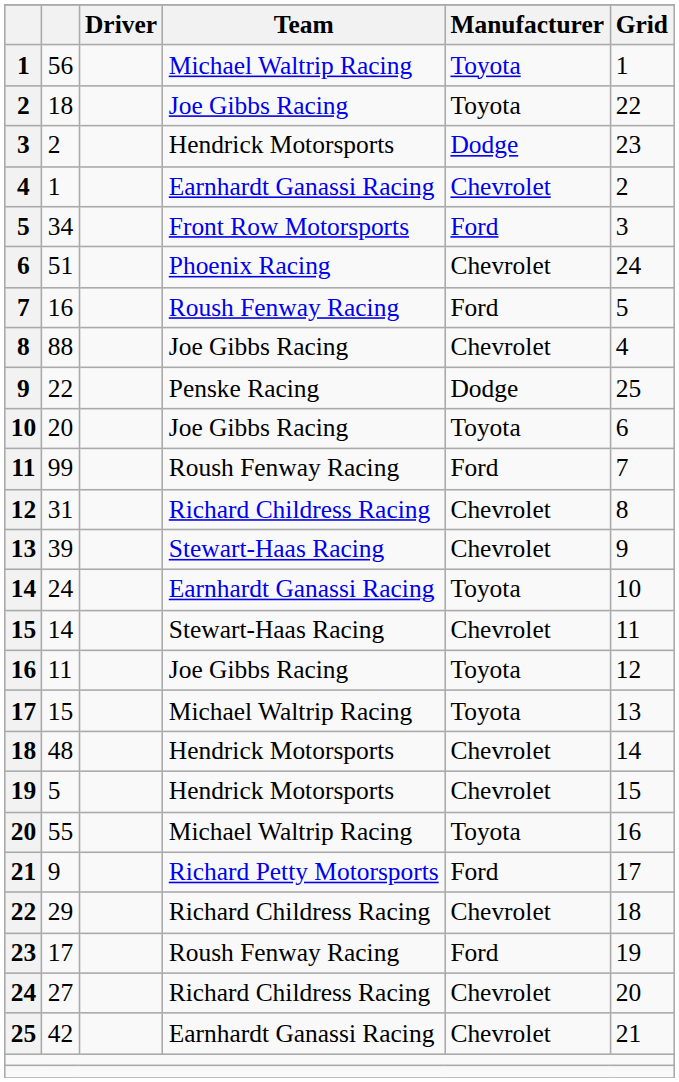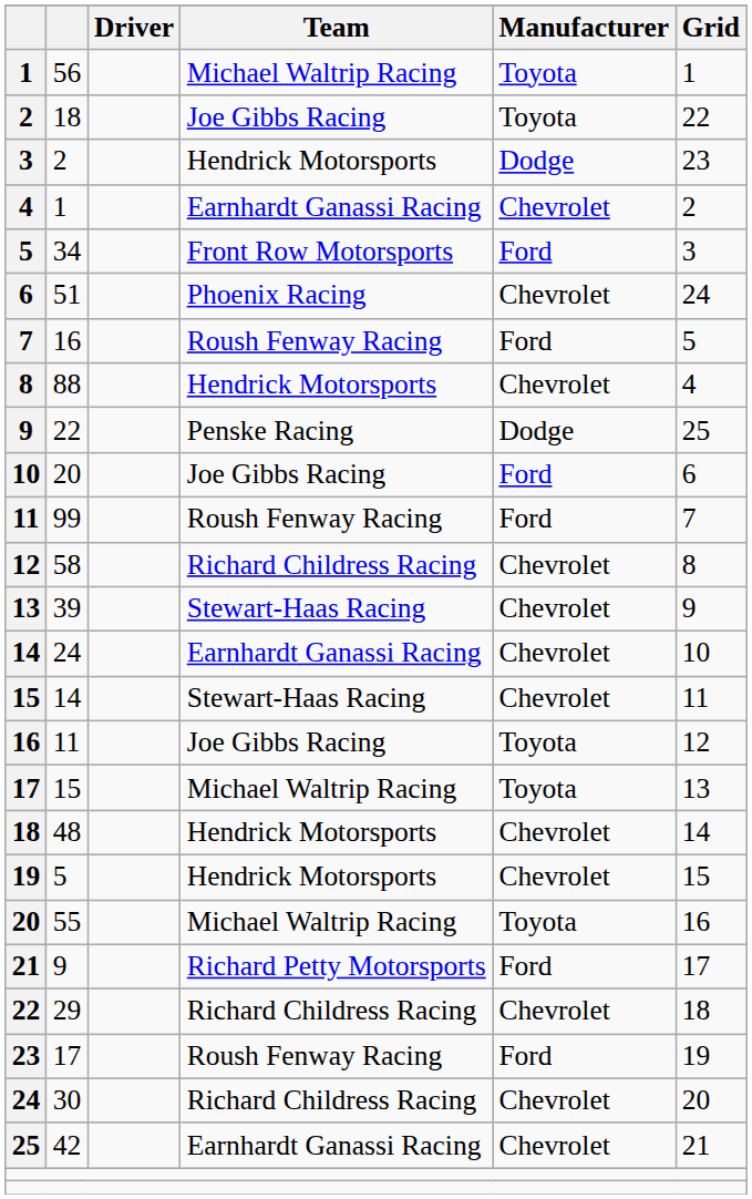 <table class="wikitable sortable">
 <tr>
 </tr>
 <tr>
 <th scope="col"></th>
 <th scope="col"></th>
 <th scope="col">Driver</th>
 <th scope="col">Team</th>
 <th scope="col">Manufacturer</th>
 <th scope="col">Grid</th>
 </tr>
 <tr>
 <th scope="row">1</th>
 <td>56</td>
 <td></td>
 <td><a href='#'>Michael Waltrip Racing</a></td>
 <td><a href='#'>Toyota</a></td>
 <td>1</td>
 </tr>
 <tr>
 <th scope="row">2</th>
 <td>18</td>
 <td></td>
 <td><a href='#'>Joe Gibbs Racing</a></td>
 <td>Toyota</td>
 <td>22</td>
 </tr>
 <tr>
 <th scope="row">3</th>
 <td>2</td>
 <td></td>
 <td>Hendrick Motorsports</td>
 <td><a href='#'>Dodge</a></td>
 <td>23</td>
 </tr>
 <tr>
 <th scope="row">4</th>
 <td>1</td>
 <td></td>
 <td><a href='#'>Earnhardt Ganassi Racing</a></td>
 <td><a href='#'>Chevrolet</a></td>
 <td>2</td>
 </tr>
 <tr>
 <th scope="row">5</th>
 <td>34</td>
 <td></td>
 <td><a href='#'>Front Row Motorsports</a></td>
 <td><a href='#'>Ford</a></td>
 <td>3</td>
 </tr>
 <tr>
 <th scope="row">6</th>
 <td>51</td>
 <td></td>
 <td><a href='#'>Phoenix Racing</a></td>
 <td>Chevrolet</td>
 <td>24</td>
 </tr>
 <tr>
 <th scope="row">7</th>
 <td>16</td>
 <td></td>
 <td><a href='#'>Roush Fenway Racing</a></td>
 <td>Ford</td>
 <td>5</td>
 </tr>
 <tr>
 <th scope="row">8</th>
 <td>88</td>
 <td></td>
-<td>Joe Gibbs Racing</td>
+<td><a href='#'>Hendrick Motorsports</a></td>
 <td>Chevrolet</td>
 <td>4</td>
 </tr>
 <tr>
 <th scope="row">9</th>
 <td>22</td>
 <td></td>
 <td>Penske Racing</td>
 <td>Dodge</td>
 <td>25</td>
 </tr>
 <tr>
 <th scope="row">10</th>
 <td>20</td>
 <td></td>
 <td>Joe Gibbs Racing</td>
-<td>Toyota</td>
+<td><a href='#'>Ford</a></td>
 <td>6</td>
 </tr>
 <tr>
 <th scope="row">11</th>
 <td>99</td>
 <td></td>
 <td>Roush Fenway Racing</td>
 <td>Ford</td>
 <td>7</td>
 </tr>
 <tr>
 <th scope="row">12</th>
-<td>31</td>
+<td>58</td>
 <td></td>
 <td><a href='#'>Richard Childress Racing</a></td>
 <td>Chevrolet</td>
 <td>8</td>
 </tr>
 <tr>
 <th scope="row">13</th>
 <td>39</td>
 <td></td>
 <td><a href='#'>Stewart-Haas Racing</a></td>
 <td>Chevrolet</td>
 <td>9</td>
 </tr>
 <tr>
 <th scope="row">14</th>
 <td>24</td>
 <td></td>
 <td><a href='#'>Earnhardt Ganassi Racing</a></td>
-<td>Toyota</td>
+<td>Chevrolet</td>
 <td>10</td>
 </tr>
 <tr>
 <th scope="row">15</th>
 <td>14</td>
 <td></td>
 <td>Stewart-Haas Racing</td>
 <td>Chevrolet</td>
 <td>11</td>
 </tr>
 <tr>
 <th scope="row">16</th>
 <td>11</td>
 <td></td>
 <td>Joe Gibbs Racing</td>
 <td>Toyota</td>
 <td>12</td>
 </tr>
 <tr>
 <th scope="row">17</th>
 <td>15</td>
 <td></td>
 <td>Michael Waltrip Racing</td>
 <td>Toyota</td>
 <td>13</td>
 </tr>
 <tr>
 <th scope="row">18</th>
 <td>48</td>
 <td></td>
 <td>Hendrick Motorsports</td>
 <td>Chevrolet</td>
 <td>14</td>
 </tr>
 <tr>
 <th scope="row">19</th>
 <td>5</td>
 <td></td>
 <td>Hendrick Motorsports</td>
 <td>Chevrolet</td>
 <td>15</td>
 </tr>
 <tr>
 <th scope="row">20</th>
 <td>55</td>
 <td></td>
 <td>Michael Waltrip Racing</td>
 <td>Toyota</td>
 <td>16</td>
 </tr>
 <tr>
 <th scope="row">21</th>
 <td>9</td>
 <td></td>
 <td><a href='#'>Richard Petty Motorsports</a></td>
 <td>Ford</td>
 <td>17</td>
 </tr>
 <tr>
 <th scope="row">22</th>
 <td>29</td>
 <td></td>
 <td>Richard Childress Racing</td>
 <td>Chevrolet</td>
 <td>18</td>
 </tr>
 <tr>
 <th scope="row">23</th>
 <td>17</td>
 <td></td>
 <td>Roush Fenway Racing</td>
 <td>Ford</td>
 <td>19</td>
 </tr>
 <tr>
 <th scope="row">24</th>
-<td>27</td>
+<td>30</td>
 <td></td>
 <td>Richard Childress Racing</td>
 <td>Chevrolet</td>
 <td>20</td>
 </tr>
 <tr>
 <th scope="row">25</th>
 <td>42</td>
 <td></td>
 <td>Earnhardt Ganassi Racing</td>
 <td>Chevrolet</td>
 <td>21</td>
 </tr>
 <tr class="sortbottom">
 <td colspan="6"></td>
 </tr>
 <tr class="sortbottom">
 <td colspan="6"></td>
 </tr>
 </table>
